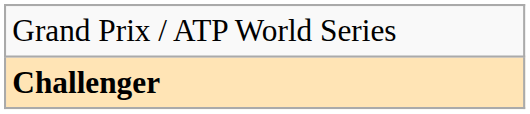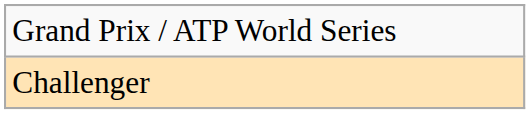 <table class="wikitable" style="font-size:95%;" width=16%>
 <tr>
 <td>Grand Prix / ATP World Series</td>
 </tr>
 <tr bgcolor="moccasin">
-<td><strong>Challenger</strong></td>
+<td>Challenger</td>
 </tr>
 </table>
